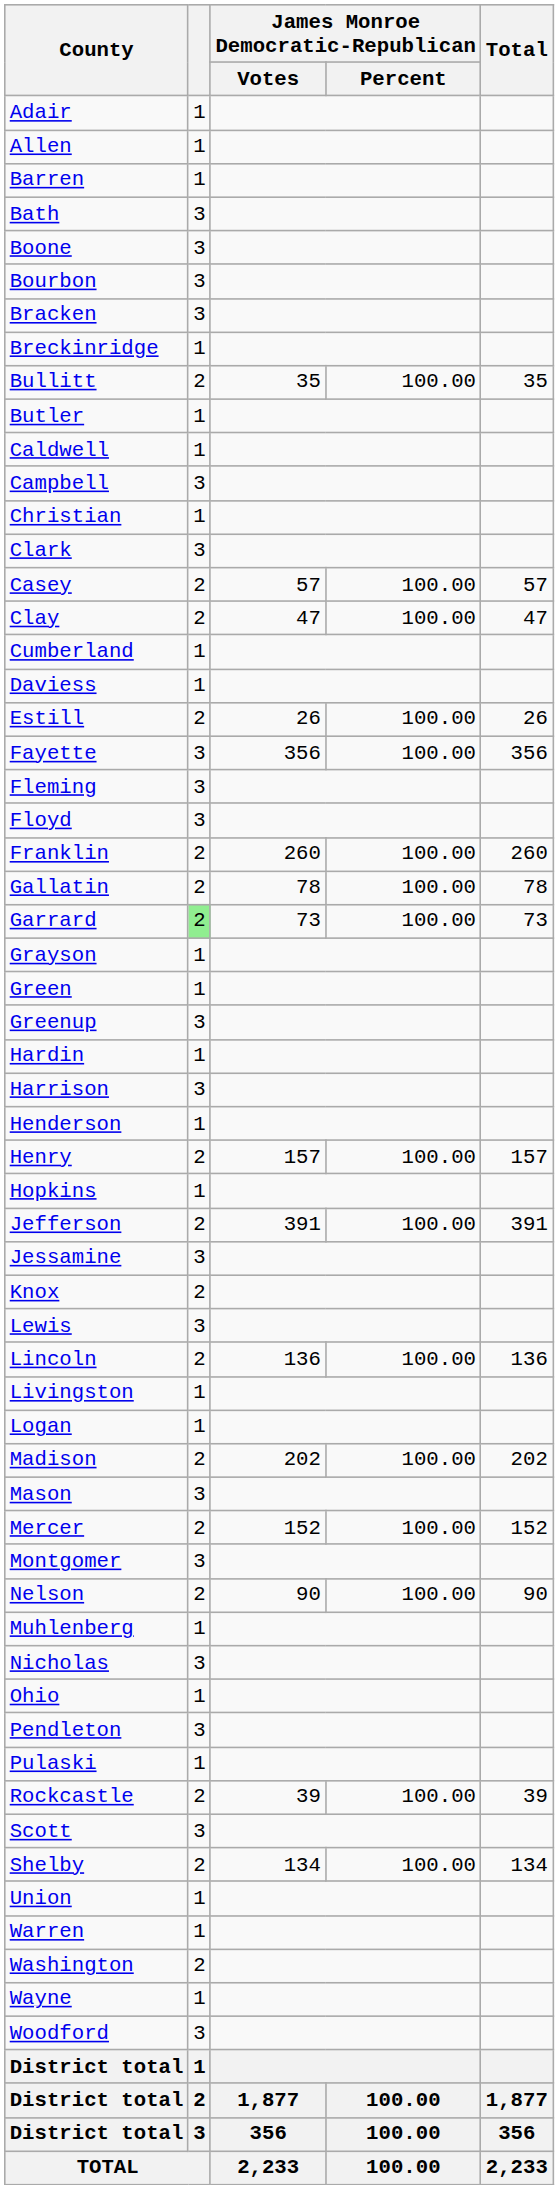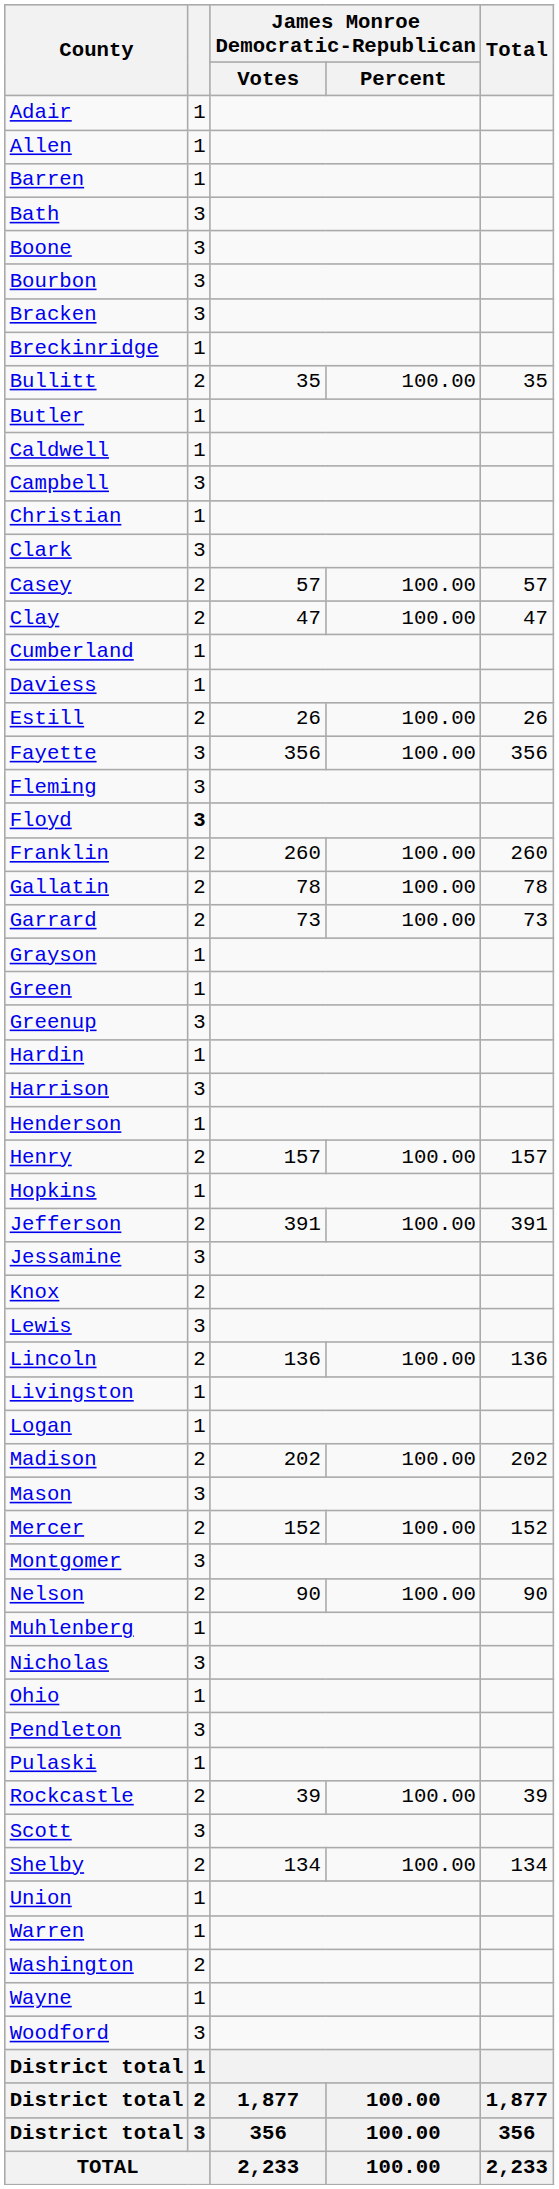 <table class="wikitable sortable">
 <tr>
 <th rowspan=2>County</th>
 <th rowspan=2></th>
 <th colspan=2>James Monroe<br>Democratic-Republican</th>
 <th rowspan=2>Total</th>
 </tr>
 <tr>
 <th>Votes</th>
 <th>Percent</th>
 </tr>
 <tr>
 <td><a href='#'>Adair</a></td>
 <td>1</td>
 <td align=right colspan=2></td>
 <td align=right></td>
 </tr>
 <tr>
 <td><a href='#'>Allen</a></td>
 <td>1</td>
 <td align=right colspan=2></td>
 <td align=right></td>
 </tr>
 <tr>
 <td><a href='#'>Barren</a></td>
 <td>1</td>
 <td align=right colspan=2></td>
 <td align=right></td>
 </tr>
 <tr>
 <td><a href='#'>Bath</a></td>
 <td>3</td>
 <td align=right colspan=2></td>
 <td align=right></td>
 </tr>
 <tr>
 <td><a href='#'>Boone</a></td>
 <td>3</td>
 <td align=right colspan=2></td>
 <td align=right></td>
 </tr>
 <tr>
 <td><a href='#'>Bourbon</a></td>
 <td>3</td>
 <td align=right colspan=2></td>
 <td align=right></td>
 </tr>
 <tr>
 <td><a href='#'>Bracken</a></td>
 <td>3</td>
 <td align=right colspan=2></td>
 <td align=right></td>
 </tr>
 <tr>
 <td><a href='#'>Breckinridge</a></td>
 <td>1</td>
 <td align=right colspan=2></td>
 <td align=right></td>
 </tr>
 <tr>
 <td><a href='#'>Bullitt</a></td>
 <td>2</td>
 <td align=right>35</td>
 <td align=right>100.00</td>
 <td align=right>35</td>
 </tr>
 <tr>
 <td><a href='#'>Butler</a></td>
 <td>1</td>
 <td align=right colspan=2></td>
 <td align=right></td>
 </tr>
 <tr>
 <td><a href='#'>Caldwell</a></td>
 <td>1</td>
 <td align=right colspan=2></td>
 <td align=right></td>
 </tr>
 <tr>
 <td><a href='#'>Campbell</a></td>
 <td>3</td>
 <td align=right colspan=2></td>
 <td align=right></td>
 </tr>
 <tr>
 <td><a href='#'>Christian</a></td>
 <td>1</td>
 <td align=right colspan=2></td>
 <td align=right></td>
 </tr>
 <tr>
 <td><a href='#'>Clark</a></td>
 <td>3</td>
 <td align=right colspan=2></td>
 <td align=right></td>
 </tr>
 <tr>
 <td><a href='#'>Casey</a></td>
 <td>2</td>
 <td align=right>57</td>
 <td align=right>100.00</td>
 <td align=right>57</td>
 </tr>
 <tr>
 <td><a href='#'>Clay</a></td>
 <td>2</td>
 <td align=right>47</td>
 <td align=right>100.00</td>
 <td align=right>47</td>
 </tr>
 <tr>
 <td><a href='#'>Cumberland</a></td>
 <td>1</td>
 <td align=right colspan=2></td>
 <td align=right></td>
 </tr>
 <tr>
 <td><a href='#'>Daviess</a></td>
 <td>1</td>
 <td align=right colspan=2></td>
 <td align=right></td>
 </tr>
 <tr>
 <td><a href='#'>Estill</a></td>
 <td>2</td>
 <td align=right>26</td>
 <td align=right>100.00</td>
 <td align=right>26</td>
 </tr>
 <tr>
 <td><a href='#'>Fayette</a></td>
 <td>3</td>
 <td align=right>356</td>
 <td align=right>100.00</td>
 <td align=right>356</td>
 </tr>
 <tr>
 <td><a href='#'>Fleming</a></td>
 <td>3</td>
 <td align=right colspan=2></td>
 <td align=right></td>
 </tr>
 <tr>
 <td><a href='#'>Floyd</a></td>
-<td>3</td>
+<td><strong>3</strong></td>
 <td align=right colspan=2></td>
 <td align=right></td>
 </tr>
 <tr>
 <td><a href='#'>Franklin</a></td>
 <td>2</td>
 <td align=right>260</td>
 <td align=right>100.00</td>
 <td align=right>260</td>
 </tr>
 <tr>
 <td><a href='#'>Gallatin</a></td>
 <td>2</td>
 <td align=right>78</td>
 <td align=right>100.00</td>
 <td align=right>78</td>
 </tr>
 <tr>
 <td><a href='#'>Garrard</a></td>
-<td style="background: lightgreen;">2</td>
+<td>2</td>
 <td align=right>73</td>
 <td align=right>100.00</td>
 <td align=right>73</td>
 </tr>
 <tr>
 <td><a href='#'>Grayson</a></td>
 <td>1</td>
 <td align=right colspan=2></td>
 <td align=right></td>
 </tr>
 <tr>
 <td><a href='#'>Green</a></td>
 <td>1</td>
 <td align=right colspan=2></td>
 <td align=right></td>
 </tr>
 <tr>
 <td><a href='#'>Greenup</a></td>
 <td>3</td>
 <td align=right colspan=2></td>
 <td align=right></td>
 </tr>
 <tr>
 <td><a href='#'>Hardin</a></td>
 <td>1</td>
 <td align=right colspan=2></td>
 <td align=right></td>
 </tr>
 <tr>
 <td><a href='#'>Harrison</a></td>
 <td>3</td>
 <td align=right colspan=2></td>
 <td align=right></td>
 </tr>
 <tr>
 <td><a href='#'>Henderson</a></td>
 <td>1</td>
 <td align=right colspan=2></td>
 <td align=right></td>
 </tr>
 <tr>
 <td><a href='#'>Henry</a></td>
 <td>2</td>
 <td align=right>157</td>
 <td align=right>100.00</td>
 <td align=right>157</td>
 </tr>
 <tr>
 <td><a href='#'>Hopkins</a></td>
 <td>1</td>
 <td align=right colspan=2></td>
 <td align=right></td>
 </tr>
 <tr>
 <td><a href='#'>Jefferson</a></td>
 <td>2</td>
 <td align=right>391</td>
 <td align=right>100.00</td>
 <td align=right>391</td>
 </tr>
 <tr>
 <td><a href='#'>Jessamine</a></td>
 <td>3</td>
 <td align=right colspan=2></td>
 <td align=right></td>
 </tr>
 <tr>
 <td><a href='#'>Knox</a></td>
 <td>2</td>
 <td align=right colspan=2></td>
 <td align=right></td>
 </tr>
 <tr>
 <td><a href='#'>Lewis</a></td>
 <td>3</td>
 <td align=right colspan=2></td>
 <td align=right></td>
 </tr>
 <tr>
 <td><a href='#'>Lincoln</a></td>
 <td>2</td>
 <td align=right>136</td>
 <td align=right>100.00</td>
 <td align=right>136</td>
 </tr>
 <tr>
 <td><a href='#'>Livingston</a></td>
 <td>1</td>
 <td align=right colspan=2></td>
 <td align=right></td>
 </tr>
 <tr>
 <td><a href='#'>Logan</a></td>
 <td>1</td>
 <td align=right colspan=2></td>
 <td align=right></td>
 </tr>
 <tr>
 <td><a href='#'>Madison</a></td>
 <td>2</td>
 <td align=right>202</td>
 <td align=right>100.00</td>
 <td align=right>202</td>
 </tr>
 <tr>
 <td><a href='#'>Mason</a></td>
 <td>3</td>
 <td align=right colspan=2></td>
 <td align=right></td>
 </tr>
 <tr>
 <td><a href='#'>Mercer</a></td>
 <td>2</td>
 <td align=right>152</td>
 <td align=right>100.00</td>
 <td align=right>152</td>
 </tr>
 <tr>
 <td><a href='#'>Montgomer</a></td>
 <td>3</td>
 <td align=right colspan=2></td>
 <td align=right></td>
 </tr>
 <tr>
 <td><a href='#'>Nelson</a></td>
 <td>2</td>
 <td align=right>90</td>
 <td align=right>100.00</td>
 <td align=right>90</td>
 </tr>
 <tr>
 <td><a href='#'>Muhlenberg</a></td>
 <td>1</td>
 <td align=right colspan=2></td>
 <td align=right></td>
 </tr>
 <tr>
 <td><a href='#'>Nicholas</a></td>
 <td>3</td>
 <td align=right colspan=2></td>
 <td align=right></td>
 </tr>
 <tr>
 <td><a href='#'>Ohio</a></td>
 <td>1</td>
 <td align=right colspan=2></td>
 <td align=right></td>
 </tr>
 <tr>
 <td><a href='#'>Pendleton</a></td>
 <td>3</td>
 <td align=right colspan=2></td>
 <td align=right></td>
 </tr>
 <tr>
 <td><a href='#'>Pulaski</a></td>
 <td>1</td>
 <td align=right colspan=2></td>
 <td align=right></td>
 </tr>
 <tr>
 <td><a href='#'>Rockcastle</a></td>
 <td>2</td>
 <td align=right>39</td>
 <td align=right>100.00</td>
 <td align=right>39</td>
 </tr>
 <tr>
 <td><a href='#'>Scott</a></td>
 <td>3</td>
 <td align=right colspan=2></td>
 <td align=right></td>
 </tr>
 <tr>
 <td><a href='#'>Shelby</a></td>
 <td>2</td>
 <td align=right>134</td>
 <td align=right>100.00</td>
 <td align=right>134</td>
 </tr>
 <tr>
 <td><a href='#'>Union</a></td>
 <td>1</td>
 <td align=right colspan=2></td>
 <td align=right></td>
 </tr>
 <tr>
 <td><a href='#'>Warren</a></td>
 <td>1</td>
 <td align=right colspan=2></td>
 <td align=right></td>
 </tr>
 <tr>
 <td><a href='#'>Washington</a></td>
 <td>2</td>
 <td align=right colspan=2></td>
 <td align=right></td>
 </tr>
 <tr>
 <td><a href='#'>Wayne</a></td>
 <td>1</td>
 <td align=right colspan=2></td>
 <td align=right></td>
 </tr>
 <tr>
 <td><a href='#'>Woodford</a></td>
 <td>3</td>
 <td align=right colspan=2></td>
 <td align=right></td>
 </tr>
 <tr>
 <th>District total</th>
 <th>1</th>
 <th align=right colspan=2></th>
 <th align=right></th>
 </tr>
 <tr>
 <th>District total</th>
 <th>2</th>
 <th>1,877</th>
 <th>100.00</th>
 <th>1,877</th>
 </tr>
 <tr>
 <th>District total</th>
 <th>3</th>
 <th>356</th>
 <th>100.00</th>
 <th>356</th>
 </tr>
 <tr>
 <th colspan=2>TOTAL</th>
 <th>2,233</th>
 <th>100.00</th>
 <th>2,233</th>
 </tr>
 </table>
